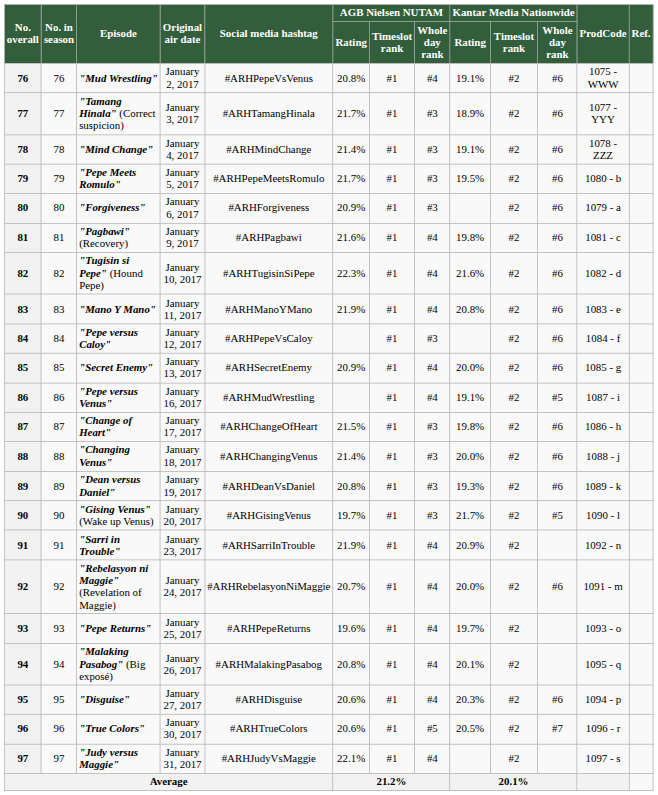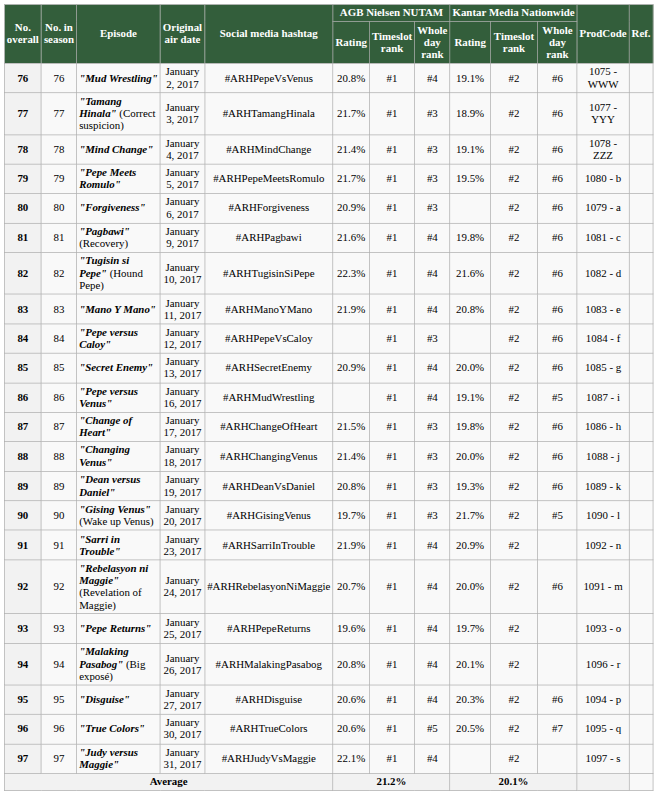 <table class="wikitable" style="text-align:center; font-size:100%; line-height:18px;"  width="100%">
 <tr>
 <th style="background-color:#335E3B; color:#ffffff;" rowspan="2">No.<br>overall</th>
 <th style="background-color:#335E3B; color:#ffffff;" rowspan="2">No. in<br>season</th>
 <th style="background-color:#335E3B; color:#ffffff;" rowspan="2">Episode</th>
 <th style="background: #335E3B; color:white" rowspan="2">Original air date</th>
 <th style="background:#335E3B; color:white" rowspan="2">Social media hashtag</th>
 <th style="background-color:#335E3B; color:#ffffff;" colspan="3">AGB Nielsen NUTAM</th>
 <th style="background-color:#335E3B; color:#ffffff;" colspan="3">Kantar Media Nationwide</th>
 <th style="background-color:#335E3B; color:#ffffff;" rowspan="2">ProdCode</th>
 <th style="background-color:#335E3B; color:#ffffff;" rowspan="2">Ref.</th>
 </tr>
 <tr>
 <th style="background-color:#335E3B; width:75px; color:#ffffff;">Rating</th>
 <th style="background-color:#335E3B; width:75px; color:#ffffff;">Timeslot<br>rank</th>
 <th style="background-color:#335E3B; width:75px; color:#ffffff;">Whole day<br>rank</th>
 <th style="background-color:#335E3B; width:75px; color:#ffffff;">Rating</th>
 <th style="background-color:#335E3B; width:75px; color:#ffffff;">Timeslot<br>rank</th>
 <th style="background-color:#335E3B; width:75px; color:#ffffff;">Whole day<br>rank</th>
 </tr>
 <tr>
 <th>76</th>
 <td>76</td>
 <td style="text-align: left;"><strong><em>"Mud Wrestling"</em></strong></td>
 <td>January 2, 2017</td>
 <td>#ARHPepeVsVenus</td>
 <td>20.8%</td>
 <td>#1</td>
 <td>#4</td>
 <td>19.1%</td>
 <td>#2</td>
 <td>#6</td>
 <td>1075 - WWW</td>
 <td></td>
 </tr>
 <tr>
 <th>77</th>
 <td>77</td>
 <td style="text-align: left;"><strong><em>"Tamang Hinala"</em></strong> (Correct suspicion)</td>
 <td>January 3, 2017</td>
 <td>#ARHTamangHinala</td>
 <td>21.7%</td>
 <td>#1</td>
 <td>#3</td>
 <td>18.9%</td>
 <td>#2</td>
 <td>#6</td>
 <td>1077 - YYY</td>
 <td></td>
 </tr>
 <tr>
 <th>78</th>
 <td>78</td>
 <td style="text-align: left;"><strong><em>"Mind Change"</em></strong></td>
 <td>January 4, 2017</td>
 <td>#ARHMindChange</td>
 <td>21.4%</td>
 <td>#1</td>
 <td>#3</td>
 <td>19.1%</td>
 <td>#2</td>
 <td>#6</td>
 <td>1078 - ZZZ</td>
 <td></td>
 </tr>
 <tr>
 <th>79</th>
 <td>79</td>
 <td style="text-align: left;"><strong><em>"Pepe Meets Romulo"</em></strong></td>
 <td>January 5, 2017</td>
 <td>#ARHPepeMeetsRomulo</td>
 <td>21.7%</td>
 <td>#1</td>
 <td>#3</td>
 <td>19.5%</td>
 <td>#2</td>
 <td>#6</td>
 <td>1080 - b</td>
 <td></td>
 </tr>
 <tr>
 <th>80</th>
 <td>80</td>
 <td style="text-align: left;"><strong><em>"Forgiveness"</em></strong></td>
 <td>January 6, 2017</td>
 <td>#ARHForgiveness</td>
 <td>20.9%</td>
 <td>#1</td>
 <td>#3</td>
 <td></td>
 <td>#2</td>
 <td>#6</td>
 <td>1079 - a</td>
 <td></td>
 </tr>
 <tr>
 <th>81</th>
 <td>81</td>
 <td style="text-align: left;"><strong><em>"Pagbawi"</em></strong> (Recovery)</td>
 <td>January 9, 2017</td>
 <td>#ARHPagbawi</td>
 <td>21.6%</td>
 <td>#1</td>
 <td>#4</td>
 <td>19.8%</td>
 <td>#2</td>
 <td>#6</td>
 <td>1081 - c</td>
 <td></td>
 </tr>
 <tr>
 <th>82</th>
 <td>82</td>
 <td style="text-align: left;"><strong><em>"Tugisin si Pepe"</em></strong> (Hound Pepe)</td>
 <td>January 10, 2017</td>
 <td>#ARHTugisinSiPepe</td>
 <td>22.3%</td>
 <td>#1</td>
 <td>#4</td>
 <td>21.6%</td>
 <td>#2</td>
 <td>#6</td>
 <td>1082 - d</td>
 <td></td>
 </tr>
 <tr>
 <th>83</th>
 <td>83</td>
 <td style="text-align: left;"><strong><em>"Mano Y Mano"</em></strong></td>
 <td>January 11, 2017</td>
 <td>#ARHManoYMano</td>
 <td>21.9%</td>
 <td>#1</td>
 <td>#4</td>
 <td>20.8%</td>
 <td>#2</td>
 <td>#6</td>
 <td>1083 - e</td>
 <td></td>
 </tr>
 <tr>
 <th>84</th>
 <td>84</td>
 <td style="text-align: left;"><strong><em>"Pepe versus Caloy"</em></strong></td>
 <td>January 12, 2017</td>
 <td>#ARHPepeVsCaloy</td>
 <td></td>
 <td>#1</td>
 <td>#3</td>
 <td></td>
 <td>#2</td>
 <td>#6</td>
 <td>1084 - f</td>
 <td></td>
 </tr>
 <tr>
 <th>85</th>
 <td>85</td>
 <td style="text-align: left;"><strong><em>"Secret Enemy"</em></strong></td>
 <td>January 13, 2017</td>
 <td>#ARHSecretEnemy</td>
 <td>20.9%</td>
 <td>#1</td>
 <td>#4</td>
 <td>20.0%</td>
 <td>#2</td>
 <td>#6</td>
 <td>1085 - g</td>
 <td></td>
 </tr>
 <tr>
 <th>86</th>
 <td>86</td>
 <td style="text-align: left;"><strong><em>"Pepe versus Venus"</em></strong></td>
 <td>January 16, 2017</td>
 <td>#ARHMudWrestling</td>
 <td></td>
 <td>#1</td>
 <td>#4</td>
 <td>19.1%</td>
 <td>#2</td>
 <td>#5</td>
 <td>1087 - i</td>
 <td></td>
 </tr>
 <tr>
 <th>87</th>
 <td>87</td>
 <td style="text-align: left;"><strong><em>"Change of Heart"</em></strong></td>
 <td>January 17, 2017</td>
 <td>#ARHChangeOfHeart</td>
 <td>21.5%</td>
 <td>#1</td>
 <td>#3</td>
 <td>19.8%</td>
 <td>#2</td>
 <td>#6</td>
 <td>1086 - h</td>
 <td></td>
 </tr>
 <tr>
 <th>88</th>
 <td>88</td>
 <td style="text-align: left;"><strong><em>"Changing Venus"</em></strong></td>
 <td>January 18, 2017</td>
 <td>#ARHChangingVenus</td>
 <td>21.4%</td>
 <td>#1</td>
 <td>#3</td>
 <td>20.0%</td>
 <td>#2</td>
 <td>#6</td>
 <td>1088 - j</td>
 <td></td>
 </tr>
 <tr>
 <th>89</th>
 <td>89</td>
 <td style="text-align: left;"><strong><em>"Dean versus Daniel"</em></strong></td>
 <td>January 19, 2017</td>
 <td>#ARHDeanVsDaniel</td>
 <td>20.8%</td>
 <td>#1</td>
 <td>#3</td>
 <td>19.3%</td>
 <td>#2</td>
 <td>#6</td>
 <td>1089 - k</td>
 <td></td>
 </tr>
 <tr>
 <th>90</th>
 <td>90</td>
 <td style="text-align: left;"><strong><em>"Gising Venus"</em></strong> (Wake up Venus)</td>
 <td>January 20, 2017</td>
 <td>#ARHGisingVenus</td>
 <td>19.7%</td>
 <td>#1</td>
 <td>#3</td>
 <td>21.7%</td>
 <td>#2</td>
 <td>#5</td>
 <td>1090 - l</td>
 <td></td>
 </tr>
 <tr>
 <th>91</th>
 <td>91</td>
 <td style="text-align: left;"><strong><em>"Sarri in Trouble"</em></strong></td>
 <td>January 23, 2017</td>
 <td>#ARHSarriInTrouble</td>
 <td>21.9%</td>
 <td>#1</td>
 <td>#4</td>
 <td>20.9%</td>
 <td>#2</td>
 <td></td>
 <td>1092 - n</td>
 <td></td>
 </tr>
 <tr>
 <th>92</th>
 <td>92</td>
 <td style="text-align: left;"><strong><em>"Rebelasyon ni Maggie"</em></strong> (Revelation of Maggie)</td>
 <td>January 24, 2017</td>
 <td>#ARHRebelasyonNiMaggie</td>
 <td>20.7%</td>
 <td>#1</td>
 <td>#4</td>
 <td>20.0%</td>
 <td>#2</td>
 <td>#6</td>
 <td>1091 - m</td>
 <td></td>
 </tr>
 <tr>
 <th>93</th>
 <td>93</td>
 <td style="text-align: left;"><strong><em>"Pepe Returns"</em></strong></td>
 <td>January 25, 2017</td>
 <td>#ARHPepeReturns</td>
 <td>19.6%</td>
 <td>#1</td>
 <td>#4</td>
 <td>19.7%</td>
 <td>#2</td>
 <td></td>
 <td>1093 - o</td>
 <td></td>
 </tr>
 <tr>
 <th>94</th>
 <td>94</td>
 <td style="text-align: left;"><strong><em>"Malaking Pasabog"</em></strong> (Big exposé)</td>
 <td>January 26, 2017</td>
 <td>#ARHMalakingPasabog</td>
 <td>20.8%</td>
 <td>#1</td>
 <td>#4</td>
 <td>20.1%</td>
 <td>#2</td>
 <td></td>
-<td>1095 - q</td>
+<td>1096 - r</td>
 <td></td>
 </tr>
 <tr>
 <th>95</th>
 <td>95</td>
 <td style="text-align: left;"><strong><em>"Disguise"</em></strong></td>
 <td>January 27, 2017</td>
 <td>#ARHDisguise</td>
 <td>20.6%</td>
 <td>#1</td>
 <td>#4</td>
 <td>20.3%</td>
 <td>#2</td>
 <td>#6</td>
 <td>1094 - p</td>
 <td></td>
 </tr>
 <tr>
 <th>96</th>
 <td>96</td>
 <td style="text-align: left;"><strong><em>"True Colors"</em></strong></td>
 <td>January 30, 2017</td>
 <td>#ARHTrueColors</td>
 <td>20.6%</td>
 <td>#1</td>
 <td>#5</td>
 <td>20.5%</td>
 <td>#2</td>
 <td>#7</td>
-<td>1096 - r</td>
+<td>1095 - q</td>
 <td></td>
 </tr>
 <tr>
 <th>97</th>
 <td>97</td>
 <td style="text-align: left;"><strong><em>"Judy versus Maggie"</em></strong></td>
 <td>January 31, 2017</td>
 <td>#ARHJudyVsMaggie</td>
 <td>22.1%</td>
 <td>#1</td>
 <td>#4</td>
 <td></td>
 <td>#2</td>
 <td></td>
 <td>1097 - s</td>
 <td></td>
 </tr>
 <tr>
 <th colspan="5">Average</th>
 <th colspan="3">21.2%</th>
 <th colspan="3">20.1%</th>
 <th></th>
 </tr>
 </table>
